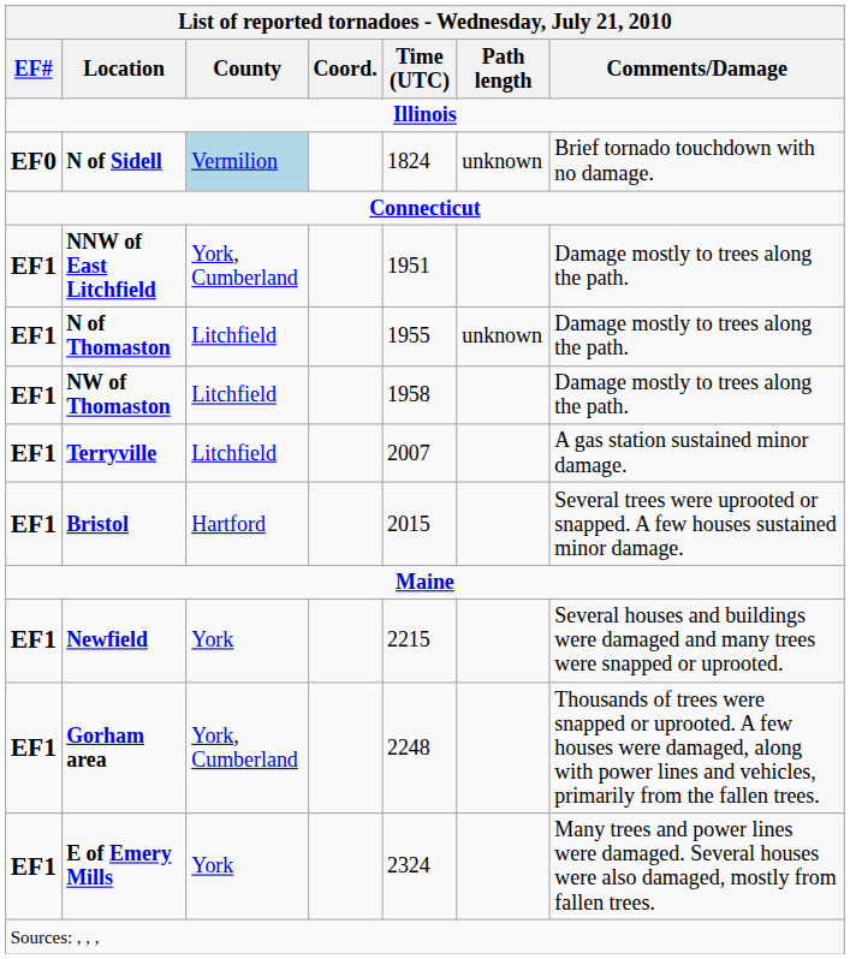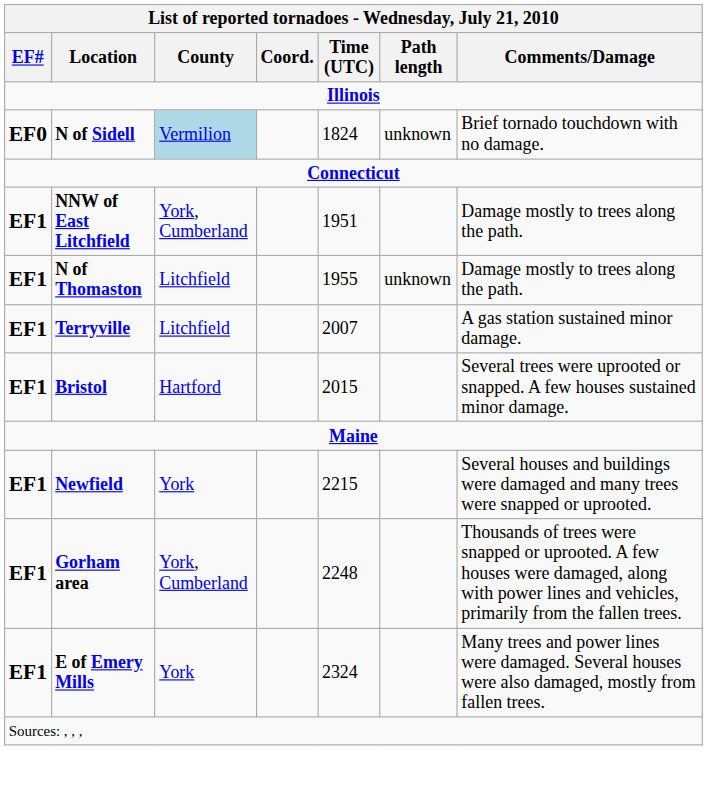 <table class="wikitable collapsible" style="width:100%;">
 <tr>
 <th colspan="7">List of reported tornadoes - Wednesday, July 21, 2010</th>
 </tr>
 <tr>
 <th><a href='#'>EF#</a></th>
 <th>Location</th>
 <th>County</th>
 <th>Coord.</th>
 <th>Time (UTC)</th>
 <th>Path length</th>
 <th>Comments/Damage</th>
 </tr>
 <tr>
 <td colspan="7" style="text-align:center;"><strong><a href='#'>Illinois</a></strong></td>
 </tr>
 <tr>
 <td><big><strong>EF0</strong></big></td>
 <td><strong>N of <a href='#'>Sidell</a></strong></td>
 <td style="background: lightblue;"><a href='#'>Vermilion</a></td>
 <td></td>
 <td>1824</td>
 <td>unknown</td>
 <td>Brief tornado touchdown with no damage.</td>
 </tr>
 <tr>
 <td colspan="7" style="text-align:center;"><strong><a href='#'>Connecticut</a></strong></td>
 </tr>
 <tr>
 <td><big><strong>EF1</strong></big></td>
 <td><strong>NNW of <a href='#'>East Litchfield</a></strong></td>
 <td><a href='#'>York</a>, <a href='#'>Cumberland</a></td>
 <td></td>
 <td>1951</td>
 <td></td>
 <td>Damage mostly to trees along the path.</td>
 </tr>
 <tr>
 <td><big><strong>EF1</strong></big></td>
 <td><strong>N of <a href='#'>Thomaston</a></strong></td>
 <td><a href='#'>Litchfield</a></td>
 <td></td>
 <td>1955</td>
 <td>unknown</td>
-<td>Damage mostly to trees along the path.</td>
-</tr>
-<tr>
-<td><big><strong>EF1</strong></big></td>
-<td><strong>NW of <a href='#'>Thomaston</a></strong></td>
-<td><a href='#'>Litchfield</a></td>
-<td></td>
-<td>1958</td>
-<td></td>
 <td>Damage mostly to trees along the path.</td>
 </tr>
 <tr>
 <td><big><strong>EF1</strong></big></td>
 <td><strong><a href='#'>Terryville</a></strong></td>
 <td><a href='#'>Litchfield</a></td>
 <td></td>
 <td>2007</td>
 <td></td>
 <td>A gas station sustained minor damage.</td>
 </tr>
 <tr>
 <td><big><strong>EF1</strong></big></td>
 <td><strong><a href='#'>Bristol</a></strong></td>
 <td><a href='#'>Hartford</a></td>
 <td></td>
 <td>2015</td>
 <td></td>
 <td>Several trees were uprooted or snapped. A few houses sustained minor damage.</td>
 </tr>
 <tr>
 <td colspan="7" style="text-align:center;"><strong><a href='#'>Maine</a></strong></td>
 </tr>
 <tr>
 <td><big><strong>EF1</strong></big></td>
 <td><strong><a href='#'>Newfield</a></strong></td>
 <td><a href='#'>York</a></td>
 <td></td>
 <td>2215</td>
 <td></td>
 <td>Several houses and buildings were damaged and many trees were snapped or uprooted.</td>
 </tr>
 <tr>
 <td><big><strong>EF1</strong></big></td>
 <td><strong><a href='#'>Gorham</a> area</strong></td>
 <td><a href='#'>York</a>, <a href='#'>Cumberland</a></td>
 <td></td>
 <td>2248</td>
 <td></td>
 <td>Thousands of trees were snapped or uprooted. A few houses were damaged, along with power lines and vehicles, primarily from the fallen trees.</td>
 </tr>
 <tr>
 <td><big><strong>EF1</strong></big></td>
 <td><strong>E of <a href='#'>Emery Mills</a></strong></td>
 <td><a href='#'>York</a></td>
 <td></td>
 <td>2324</td>
 <td></td>
 <td>Many trees and power lines were damaged. Several houses were also damaged, mostly from fallen trees.</td>
 </tr>
 <tr>
 <td colspan="7"><small>Sources: , , , </small></td>
 </tr>
 </table>
